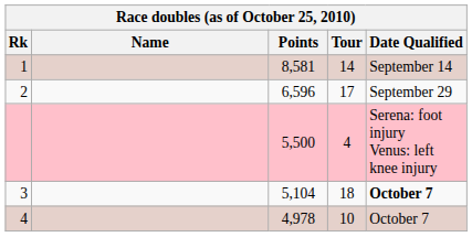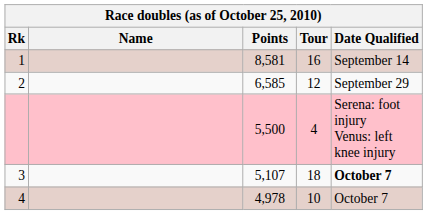 <table class=wikitable align=right style=font-size:90%;text:justify>
 <tr>
 <th colspan=5>Race doubles (as of October 25, 2010)</th>
 </tr>
 <tr>
 <th>Rk</th>
 <th width=222>Name</th>
 <th width=50>Points</th>
 <th width=20>Tour</th>
 <th width=90>Date Qualified</th>
 </tr>
 <tr bgcolor=#e5d1cb>
 <td align=right>1</td>
 <td> <br> </td>
 <td align=center>8,581</td>
-<td align=center>14</td>
+<td align=center>16</td>
 <td>September 14</td>
 </tr>
 <tr>
 <td align=right>2</td>
 <td> <br> </td>
-<td align=center>6,596</td>
-<td align=center>17</td>
+<td align=center>6,585</td>
+<td align=center>12</td>
 <td>September 29</td>
 </tr>
 <tr bgcolor=pink>
 <td></td>
 <td> <br> </td>
 <td align=center>5,500</td>
 <td align=center>4</td>
 <td>Serena: foot injury<br>Venus: left knee injury</td>
 </tr>
 <tr>
 <td align=right>3</td>
 <td> <br> </td>
-<td align=center>5,104</td>
+<td align=center>5,107</td>
 <td align=center>18</td>
 <td><strong>October 7</strong></td>
 </tr>
 <tr bgcolor=#e5d1cb>
 <td align=right>4</td>
 <td> <br> </td>
 <td align=center>4,978</td>
 <td align=center>10</td>
 <td>October 7</td>
 </tr>
 </table>
